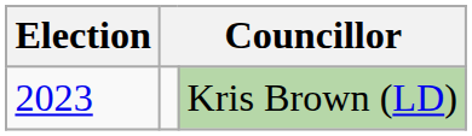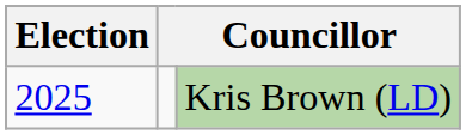 <table class="wikitable">
 <tr>
 <th>Election</th>
 <th colspan="2">Councillor</th>
 </tr>
 <tr>
-<td><a href='#'>2023</a></td>
+<td><a href='#'>2025</a></td>
 <td style="background-color: "></td>
 <td bgcolor="#B6D7A8">Kris Brown (<a href='#'>LD</a>)</td>
 </tr>
 </table>
